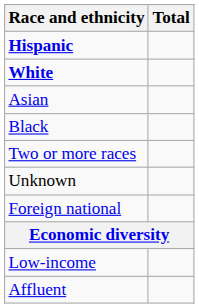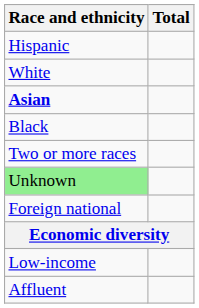 <table class="wikitable floatright sortable collapsible"; text-align:right; font-size:80%;">
 <tr>
 <th>Race and ethnicity</th>
 <th colspan="2" data-sort-type=number>Total</th>
 </tr>
 <tr>
-<td><strong><a href='#'>Hispanic</a></strong></td>
+<td><a href='#'>Hispanic</a></td>
 <td align=right></td>
 </tr>
 <tr>
-<td><strong><a href='#'>White</a></strong></td>
+<td><a href='#'>White</a></td>
 <td align=right></td>
 </tr>
 <tr>
-<td><a href='#'>Asian</a></td>
+<td><strong><a href='#'>Asian</a></strong></td>
 <td align=right></td>
 </tr>
 <tr>
 <td><a href='#'>Black</a></td>
 <td align=right></td>
 </tr>
 <tr>
 <td><a href='#'>Two or more races</a></td>
 <td align=right></td>
 </tr>
 <tr>
-<td>Unknown</td>
+<td style="background: lightgreen;">Unknown</td>
 <td align=right></td>
 </tr>
 <tr>
 <td><a href='#'>Foreign national</a></td>
 <td align=right></td>
 </tr>
 <tr>
 <th colspan="4" data-sort-type=number><a href='#'>Economic diversity</a></th>
 </tr>
 <tr>
 <td><a href='#'>Low-income</a></td>
 <td align=right></td>
 </tr>
 <tr>
 <td><a href='#'>Affluent</a></td>
 <td align=right></td>
 </tr>
 </table>
